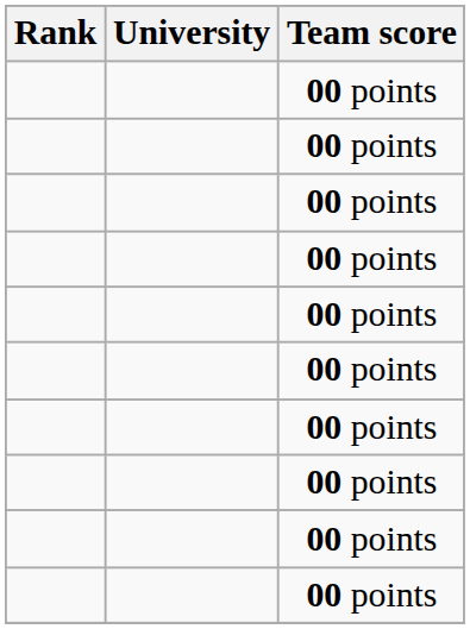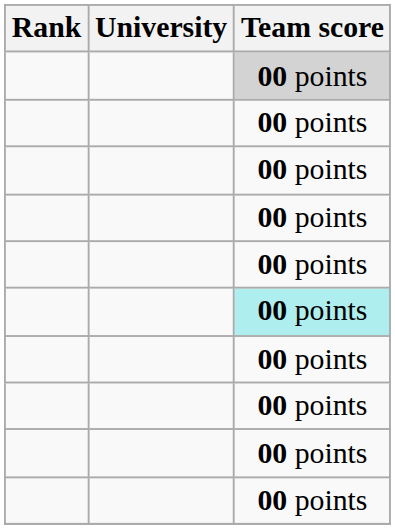 <table class="wikitable sortable" style=" text-align:center">
 <tr>
 <th>Rank</th>
 <th>University</th>
 <th>Team score</th>
+</tr>
+<tr>
+<td></td>
+<td align=left></td>
+<td style="background: lightgrey;"><strong>00</strong> points</td>
 </tr>
 <tr>
 <td></td>
 <td align=left></td>
 <td><strong>00</strong> points</td>
 </tr>
 <tr>
 <td></td>
 <td align=left></td>
 <td><strong>00</strong> points</td>
 </tr>
 <tr>
 <td></td>
 <td align=left></td>
 <td><strong>00</strong> points</td>
 </tr>
 <tr>
 <td></td>
 <td align=left></td>
 <td><strong>00</strong> points</td>
 </tr>
 <tr>
 <td></td>
 <td align=left></td>
-<td><strong>00</strong> points</td>
-</tr>
-<tr>
-<td></td>
-<td align=left></td>
-<td><strong>00</strong> points</td>
+<td style="background: paleturquoise;"><strong>00</strong> points</td>
 </tr>
 <tr>
 <td></td>
 <td align="left"></td>
 <td><strong>00</strong> points</td>
 </tr>
 <tr>
 <td></td>
 <td align=left></td>
 <td><strong>00</strong> points</td>
 </tr>
 <tr>
 <td></td>
 <td align=left></td>
 <td><strong>00</strong> points</td>
 </tr>
 <tr>
 <td></td>
 <td align="left"></td>
 <td><strong>00</strong> points</td>
 </tr>
 <tr>
 </tr>
 </table>
